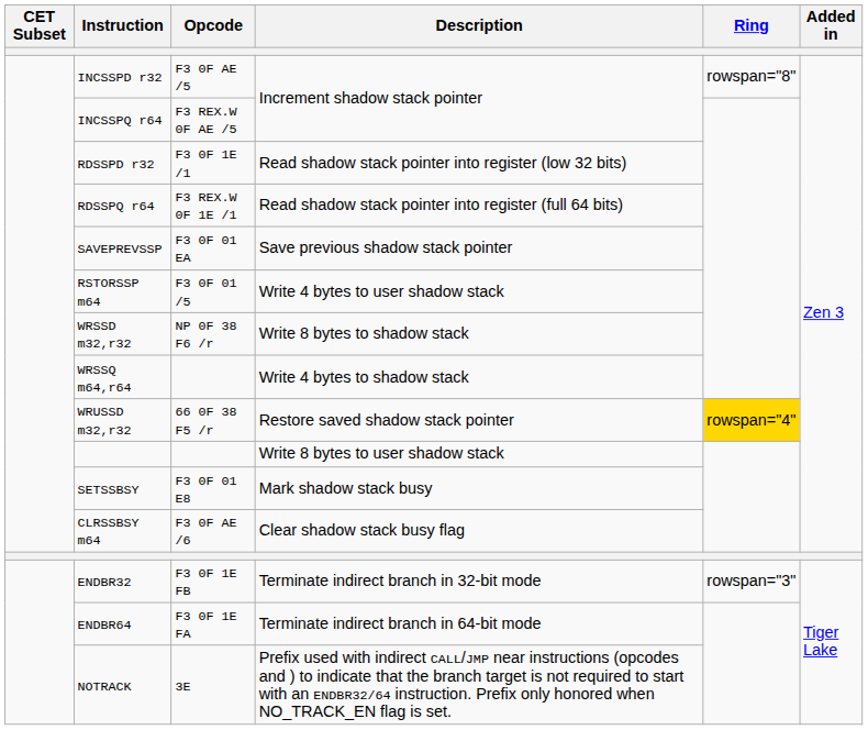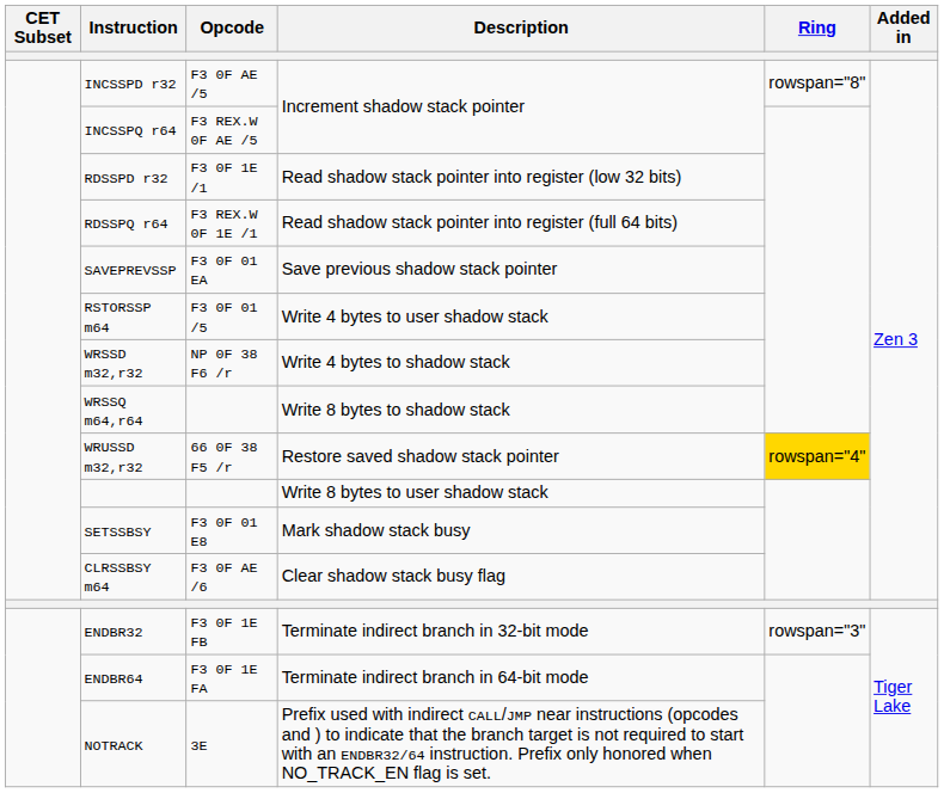 <table class="wikitable sortable">
 <tr>
 <th>CET Subset</th>
 <th>Instruction</th>
 <th>Opcode</th>
 <th>Description</th>
 <th><a href='#'>Ring</a></th>
 <th>Added in</th>
 </tr>
 <tr>
 <th colspan="6"></th>
 </tr>
 <tr>
 <td rowspan="12"></td>
 <td><code>INCSSPD r32</code></td>
 <td><code>F3 0F AE /5</code></td>
 <td rowspan="2">Increment shadow stack pointer</td>
 <td>rowspan="8" </td>
 <td rowspan="12"><br><a href='#'>Zen 3</a></td>
 </tr>
 <tr>
 <td><code>INCSSPQ r64</code></td>
 <td><code>F3 REX.W 0F AE /5</code></td>
 </tr>
 <tr>
 <td><code>RDSSPD r32</code></td>
 <td><code>F3 0F 1E /1</code></td>
 <td>Read shadow stack pointer into register (low 32 bits)</td>
 </tr>
 <tr>
 <td><code>RDSSPQ r64</code></td>
 <td><code>F3 REX.W 0F 1E /1</code></td>
 <td>Read shadow stack pointer into register (full 64 bits)</td>
 </tr>
 <tr>
 <td><code>SAVEPREVSSP</code></td>
 <td><code>F3 0F 01 EA</code></td>
 <td>Save previous shadow stack pointer</td>
 </tr>
 <tr>
 <td><code>RSTORSSP m64</code></td>
 <td><code>F3 0F 01 /5</code></td>
 <td>Write 4 bytes to user shadow stack</td>
 </tr>
 <tr>
 <td><code>WRSSD m32,r32</code></td>
 <td><code>NP 0F 38 F6 /r</code></td>
-<td>Write 8 bytes to shadow stack</td>
+<td>Write 4 bytes to shadow stack</td>
 </tr>
 <tr>
 <td><code>WRSSQ m64,r64</code></td>
 <td></td>
-<td>Write 4 bytes to shadow stack</td>
+<td>Write 8 bytes to shadow stack</td>
 </tr>
 <tr>
 <td><code>WRUSSD m32,r32</code></td>
 <td><code>66 0F 38 F5 /r</code></td>
 <td>Restore saved shadow stack pointer</td>
 <td style="background: gold;">rowspan="4" </td>
 </tr>
 <tr>
 <td></td>
 <td></td>
 <td>Write 8 bytes to user shadow stack</td>
 </tr>
 <tr>
 <td><code>SETSSBSY</code></td>
 <td><code>F3 0F 01 E8</code></td>
 <td>Mark shadow stack busy</td>
 </tr>
 <tr>
 <td><code>CLRSSBSY m64</code></td>
 <td><code>F3 0F AE /6</code></td>
 <td>Clear shadow stack busy flag</td>
 </tr>
 <tr>
 <th colspan="6"></th>
 </tr>
 <tr>
 <td rowspan="3"></td>
 <td><code>ENDBR32</code></td>
 <td><code>F3 0F 1E FB</code></td>
 <td>Terminate indirect branch in 32-bit mode</td>
 <td>rowspan="3" </td>
 <td rowspan="3"><a href='#'>Tiger Lake</a></td>
 </tr>
 <tr>
 <td><code>ENDBR64</code></td>
 <td><code>F3 0F 1E FA</code></td>
 <td>Terminate indirect branch in 64-bit mode</td>
 </tr>
 <tr>
 <td><code>NOTRACK</code></td>
 <td><code>3E</code></td>
 <td>Prefix used with indirect <code>CALL</code>/<code>JMP</code> near instructions (opcodes  and ) to indicate that the branch target is not required to start with an <code>ENDBR32/64</code> instruction. Prefix only honored when NO_TRACK_EN flag is set.</td>
 </tr>
 </table>
